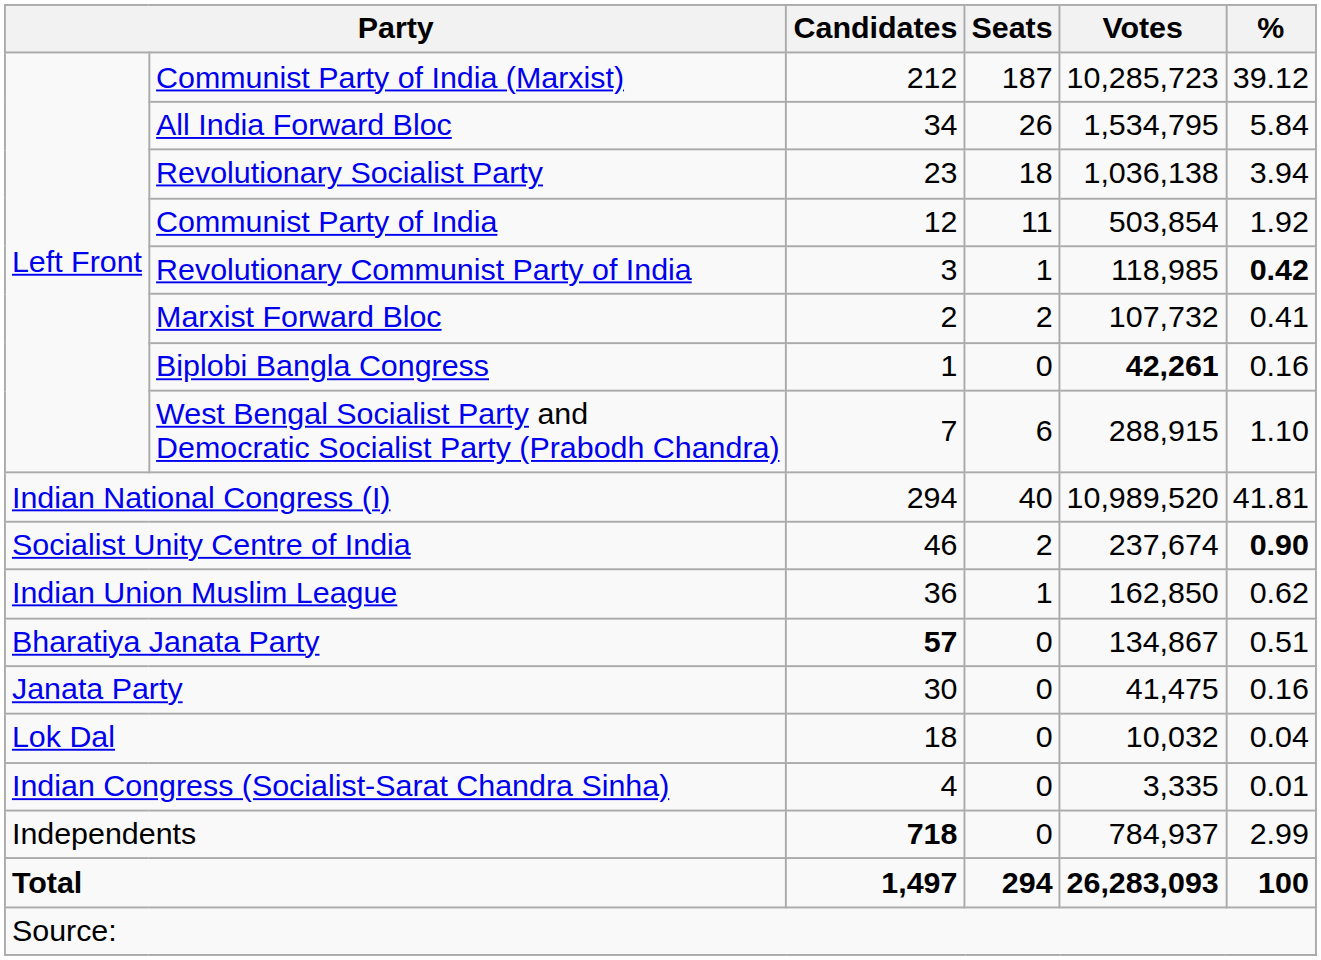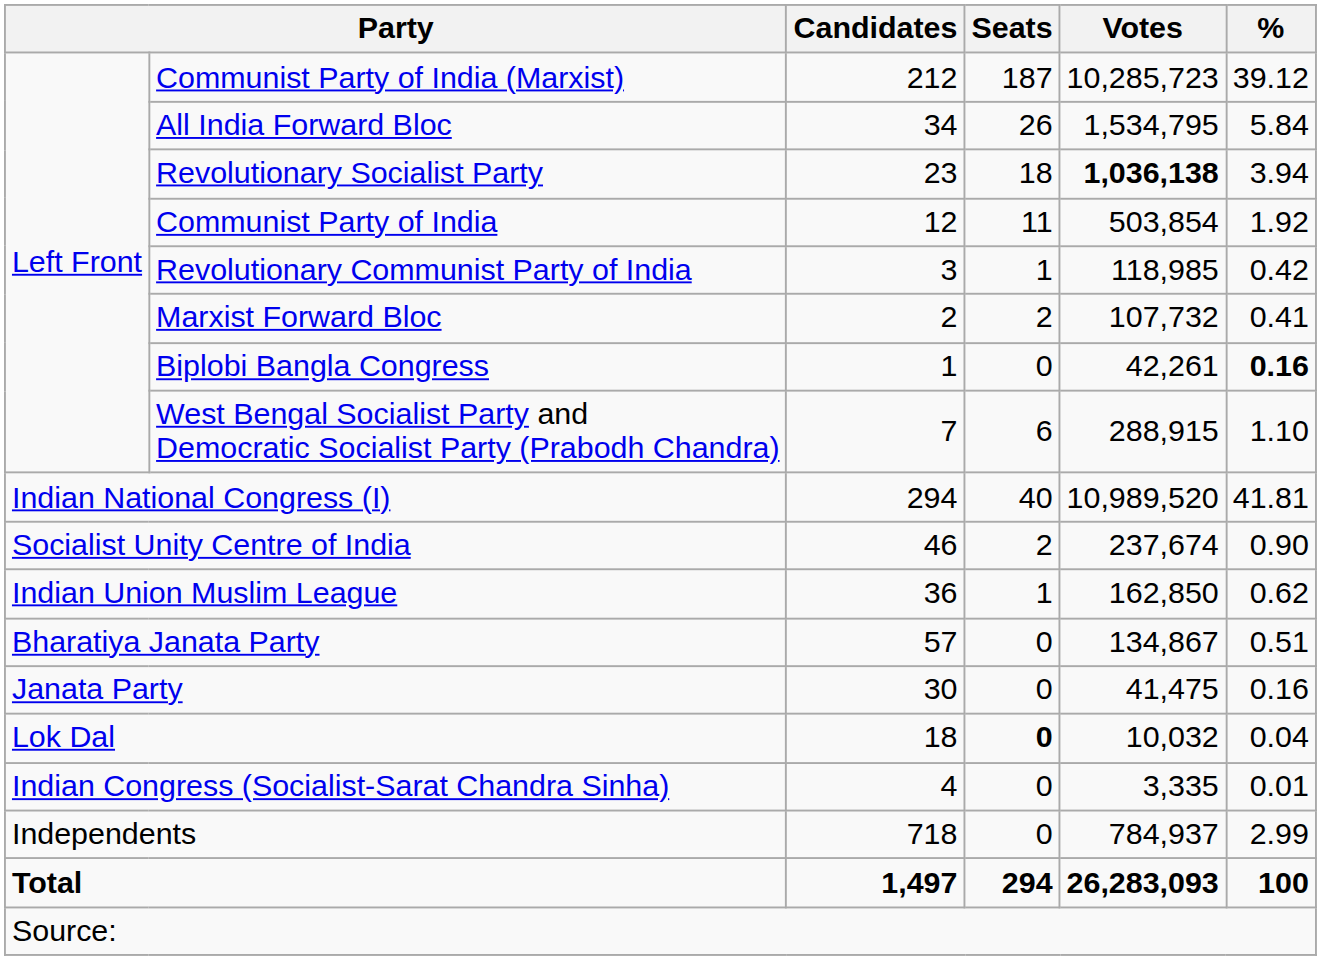 <table class=wikitable style=text-align:right>
 <tr>
 <th colspan=2>Party</th>
 <th>Candidates</th>
 <th>Seats</th>
 <th>Votes</th>
 <th>%</th>
 </tr>
 <tr>
 <td rowspan=8 align=left><a href='#'>Left Front</a></td>
 <td align=left><a href='#'>Communist Party of India (Marxist)</a></td>
 <td>212</td>
 <td>187</td>
 <td>10,285,723</td>
 <td>39.12</td>
 </tr>
 <tr>
 <td align=left><a href='#'>All India Forward Bloc</a></td>
 <td>34</td>
 <td>26</td>
 <td>1,534,795</td>
 <td>5.84</td>
 </tr>
 <tr>
 <td align=left><a href='#'>Revolutionary Socialist Party</a></td>
 <td>23</td>
 <td>18</td>
-<td>1,036,138</td>
+<td><strong>1,036,138</strong></td>
 <td>3.94</td>
 </tr>
 <tr>
 <td align=left><a href='#'>Communist Party of India</a></td>
 <td>12</td>
 <td>11</td>
 <td>503,854</td>
 <td>1.92</td>
 </tr>
 <tr>
 <td align=left><a href='#'>Revolutionary Communist Party of India</a></td>
 <td>3</td>
 <td>1</td>
 <td>118,985</td>
-<td><strong>0.42</strong></td>
+<td>0.42</td>
 </tr>
 <tr>
 <td align=left><a href='#'>Marxist Forward Bloc</a></td>
 <td>2</td>
 <td>2</td>
 <td>107,732</td>
 <td>0.41</td>
 </tr>
 <tr>
 <td align=left><a href='#'>Biplobi Bangla Congress</a></td>
 <td>1</td>
 <td>0</td>
-<td><strong>42,261</strong></td>
-<td>0.16</td>
+<td>42,261</td>
+<td><strong>0.16</strong></td>
 </tr>
 <tr>
 <td align=left><a href='#'>West Bengal Socialist Party</a> and<br><a href='#'>Democratic Socialist Party (Prabodh Chandra)</a></td>
 <td>7</td>
 <td>6</td>
 <td>288,915</td>
 <td>1.10</td>
 </tr>
 <tr>
 <td colspan=2 align=left><a href='#'>Indian National Congress (I)</a></td>
 <td>294</td>
 <td>40</td>
 <td>10,989,520</td>
 <td>41.81</td>
 </tr>
 <tr>
 <td colspan=2 align=left><a href='#'>Socialist Unity Centre of India</a></td>
 <td>46</td>
 <td>2</td>
 <td>237,674</td>
-<td><strong>0.90</strong></td>
+<td>0.90</td>
 </tr>
 <tr>
 <td colspan=2 align=left><a href='#'>Indian Union Muslim League</a></td>
 <td>36</td>
 <td>1</td>
 <td>162,850</td>
 <td>0.62</td>
 </tr>
 <tr>
 <td colspan=2 align=left><a href='#'>Bharatiya Janata Party</a></td>
-<td><strong>57</strong></td>
+<td>57</td>
 <td>0</td>
 <td>134,867</td>
 <td>0.51</td>
 </tr>
 <tr>
 <td colspan=2 align=left><a href='#'>Janata Party</a></td>
 <td>30</td>
 <td>0</td>
 <td>41,475</td>
 <td>0.16</td>
 </tr>
 <tr>
 <td colspan=2 align=left><a href='#'>Lok Dal</a></td>
 <td>18</td>
-<td>0</td>
+<td><strong>0</strong></td>
 <td>10,032</td>
 <td>0.04</td>
 </tr>
 <tr>
 <td colspan=2 align=left><a href='#'>Indian Congress (Socialist-Sarat Chandra Sinha)</a></td>
 <td>4</td>
 <td>0</td>
 <td>3,335</td>
 <td>0.01</td>
 </tr>
 <tr>
 <td colspan=2 align=left>Independents</td>
-<td><strong>718</strong></td>
+<td>718</td>
 <td>0</td>
 <td>784,937</td>
 <td>2.99</td>
 </tr>
 <tr>
 <td colspan=2 align=left><strong>Total</strong></td>
 <td><strong>1,497</strong></td>
 <td><strong>294</strong></td>
 <td><strong>26,283,093</strong></td>
 <td><strong>100</strong></td>
 </tr>
 <tr>
 <td align=left colspan=6>Source: </td>
 </tr>
 </table>
